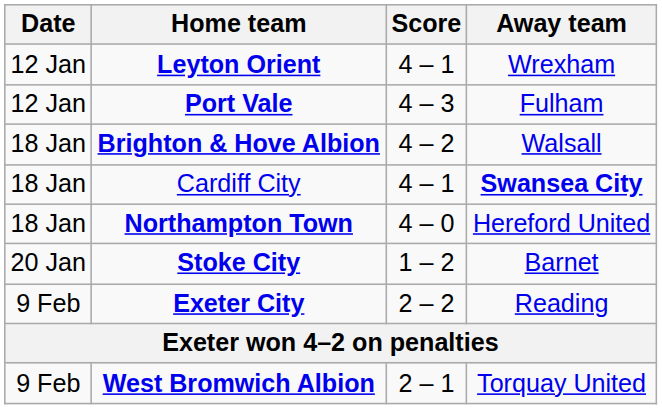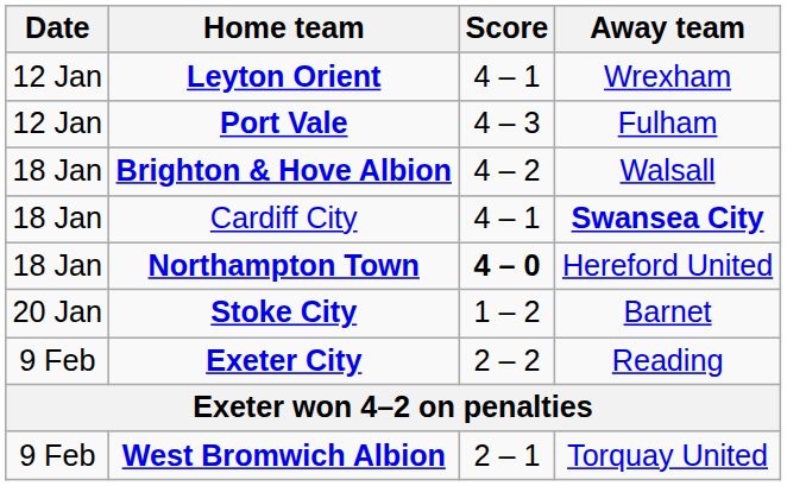 <table class="wikitable" style="text-align: center">
 <tr>
 <th>Date</th>
 <th>Home team</th>
 <th>Score</th>
 <th>Away team</th>
 </tr>
 <tr>
 <td>12 Jan</td>
 <td><strong><a href='#'>Leyton Orient</a></strong></td>
 <td>4 – 1</td>
 <td><a href='#'>Wrexham</a></td>
 </tr>
 <tr>
 <td>12 Jan</td>
 <td><strong><a href='#'>Port Vale</a></strong></td>
 <td>4 – 3</td>
 <td><a href='#'>Fulham</a></td>
 </tr>
 <tr>
 <td>18 Jan</td>
 <td><strong><a href='#'>Brighton & Hove Albion</a></strong></td>
 <td>4 – 2</td>
 <td><a href='#'>Walsall</a></td>
 </tr>
 <tr>
 <td>18 Jan</td>
 <td><a href='#'>Cardiff City</a></td>
 <td>4 – 1</td>
 <td><strong><a href='#'>Swansea City</a></strong></td>
 </tr>
 <tr>
 <td>18 Jan</td>
 <td><strong><a href='#'>Northampton Town</a></strong></td>
-<td>4 – 0</td>
+<td><strong>4 – 0</strong></td>
 <td><a href='#'>Hereford United</a></td>
 </tr>
 <tr>
 <td>20 Jan</td>
 <td><strong><a href='#'>Stoke City</a></strong></td>
 <td>1 – 2</td>
 <td><a href='#'>Barnet</a></td>
 </tr>
 <tr>
 <td>9 Feb</td>
 <td><strong><a href='#'>Exeter City</a></strong></td>
 <td>2 – 2</td>
 <td><a href='#'>Reading</a></td>
 </tr>
 <tr>
 <th colspan="5">Exeter won 4–2 on penalties</th>
 </tr>
 <tr>
 <td>9 Feb</td>
 <td><strong><a href='#'>West Bromwich Albion</a></strong></td>
 <td>2 – 1</td>
 <td><a href='#'>Torquay United</a></td>
 </tr>
 </table>
